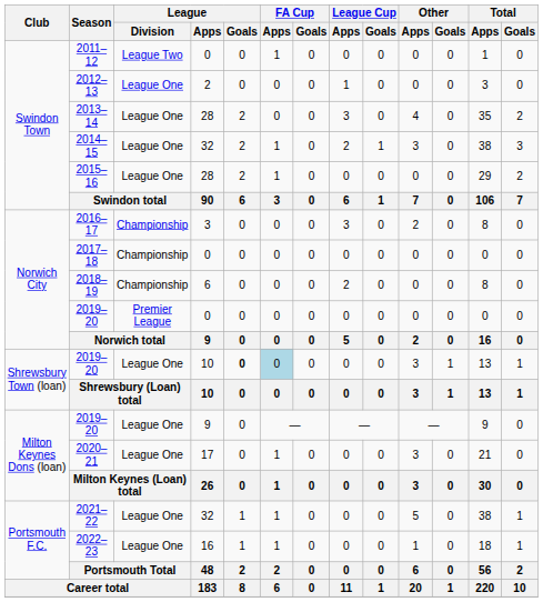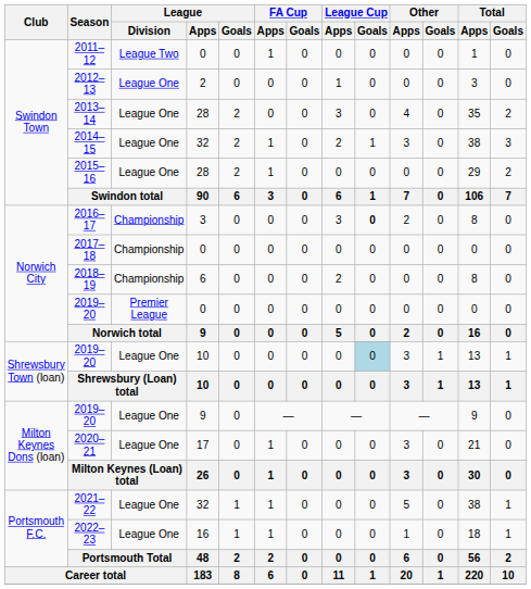 <table class="wikitable" style="text-align:center;">
 <tr>
 <th rowspan="2">Club</th>
 <th rowspan="2">Season</th>
 <th colspan="3">League</th>
 <th colspan="2"><a href='#'>FA Cup</a></th>
 <th colspan="2"><a href='#'>League Cup</a></th>
 <th colspan="2">Other</th>
 <th colspan="2">Total</th>
 </tr>
 <tr>
 <th>Division</th>
 <th>Apps</th>
 <th>Goals</th>
 <th>Apps</th>
 <th>Goals</th>
 <th>Apps</th>
 <th>Goals</th>
 <th>Apps</th>
 <th>Goals</th>
 <th>Apps</th>
 <th>Goals</th>
 </tr>
 <tr>
 <td rowspan="6"><a href='#'>Swindon Town</a></td>
 <td><a href='#'>2011–12</a></td>
 <td><a href='#'>League Two</a></td>
 <td>0</td>
 <td>0</td>
 <td>1</td>
 <td>0</td>
 <td>0</td>
 <td>0</td>
 <td>0</td>
 <td>0</td>
 <td>1</td>
 <td>0</td>
 </tr>
 <tr>
 <td><a href='#'>2012–13</a></td>
 <td><a href='#'>League One</a></td>
 <td>2</td>
 <td>0</td>
 <td>0</td>
 <td>0</td>
 <td>1</td>
 <td>0</td>
 <td>0</td>
 <td>0</td>
 <td>3</td>
 <td>0</td>
 </tr>
 <tr>
 <td><a href='#'>2013–14</a></td>
 <td>League One</td>
 <td>28</td>
 <td>2</td>
 <td>0</td>
 <td>0</td>
 <td>3</td>
 <td>0</td>
 <td>4</td>
 <td>0</td>
 <td>35</td>
 <td>2</td>
 </tr>
 <tr>
 <td><a href='#'>2014–15</a></td>
 <td>League One</td>
 <td>32</td>
 <td>2</td>
 <td>1</td>
 <td>0</td>
 <td>2</td>
 <td>1</td>
 <td>3</td>
 <td>0</td>
 <td>38</td>
 <td>3</td>
 </tr>
 <tr>
 <td><a href='#'>2015–16</a></td>
 <td>League One</td>
 <td>28</td>
 <td>2</td>
 <td>1</td>
 <td>0</td>
 <td>0</td>
 <td>0</td>
 <td>0</td>
 <td>0</td>
 <td>29</td>
 <td>2</td>
 </tr>
 <tr>
 <th colspan="2">Swindon total</th>
 <th>90</th>
 <th>6</th>
 <th>3</th>
 <th>0</th>
 <th>6</th>
 <th>1</th>
 <th>7</th>
 <th>0</th>
 <th>106</th>
 <th>7</th>
 </tr>
 <tr>
 <td rowspan="5"><a href='#'>Norwich City</a></td>
 <td><a href='#'>2016–17</a></td>
 <td><a href='#'>Championship</a></td>
 <td>3</td>
 <td>0</td>
 <td>0</td>
 <td>0</td>
 <td>3</td>
-<td>0</td>
+<td><strong>0</strong></td>
 <td>2</td>
 <td>0</td>
 <td>8</td>
 <td>0</td>
 </tr>
 <tr>
 <td><a href='#'>2017–18</a></td>
 <td>Championship</td>
 <td>0</td>
 <td>0</td>
 <td>0</td>
 <td>0</td>
 <td>0</td>
 <td>0</td>
 <td>0</td>
 <td>0</td>
 <td>0</td>
 <td>0</td>
 </tr>
 <tr>
 <td><a href='#'>2018–19</a></td>
 <td>Championship</td>
 <td>6</td>
 <td>0</td>
 <td>0</td>
 <td>0</td>
 <td>2</td>
 <td>0</td>
 <td>0</td>
 <td>0</td>
 <td>8</td>
 <td>0</td>
 </tr>
 <tr>
 <td><a href='#'>2019–20</a></td>
 <td><a href='#'>Premier League</a></td>
 <td>0</td>
 <td>0</td>
 <td>0</td>
 <td>0</td>
 <td>0</td>
 <td>0</td>
 <td>0</td>
 <td>0</td>
 <td>0</td>
 <td>0</td>
 </tr>
 <tr>
 <th colspan="2">Norwich total</th>
 <th>9</th>
 <th>0</th>
 <th>0</th>
 <th>0</th>
 <th>5</th>
 <th>0</th>
 <th>2</th>
 <th>0</th>
 <th>16</th>
 <th>0</th>
 </tr>
 <tr>
 <td rowspan="2"><a href='#'>Shrewsbury Town</a> (loan)</td>
 <td><a href='#'>2019–20</a></td>
 <td>League One</td>
 <td>10</td>
-<td><strong>0</strong></td>
-<td style="background: lightblue;">0</td>
 <td>0</td>
 <td>0</td>
 <td>0</td>
+<td>0</td>
+<td style="background: lightblue;">0</td>
 <td>3</td>
 <td>1</td>
 <td>13</td>
 <td>1</td>
 </tr>
 <tr>
 <th colspan="2">Shrewsbury (Loan) total</th>
 <th>10</th>
 <th>0</th>
 <th>0</th>
 <th>0</th>
 <th>0</th>
 <th>0</th>
 <th>3</th>
 <th>1</th>
 <th>13</th>
 <th>1</th>
 </tr>
 <tr>
 <td rowspan="3"><a href='#'>Milton Keynes Dons</a> (loan)</td>
 <td><a href='#'>2019–20</a></td>
 <td>League One</td>
 <td>9</td>
 <td>0</td>
 <td colspan="2">—</td>
 <td colspan="2">—</td>
 <td colspan="2">—</td>
 <td>9</td>
 <td>0</td>
 </tr>
 <tr>
 <td><a href='#'>2020–21</a></td>
 <td>League One</td>
 <td>17</td>
 <td>0</td>
 <td>1</td>
 <td>0</td>
 <td>0</td>
 <td>0</td>
 <td>3</td>
 <td>0</td>
 <td>21</td>
 <td>0</td>
 </tr>
 <tr>
 <th colspan="2">Milton Keynes (Loan) total</th>
 <th>26</th>
 <th>0</th>
 <th>1</th>
 <th>0</th>
 <th>0</th>
 <th>0</th>
 <th>3</th>
 <th>0</th>
 <th>30</th>
 <th>0</th>
 </tr>
 <tr>
 <td rowspan="3"><a href='#'>Portsmouth F.C.</a></td>
 <td><a href='#'>2021–22</a></td>
 <td>League One</td>
 <td>32</td>
 <td>1</td>
 <td>1</td>
 <td>0</td>
 <td>0</td>
 <td>0</td>
 <td>5</td>
 <td>0</td>
 <td>38</td>
 <td>1</td>
 </tr>
 <tr>
 <td><a href='#'>2022–23</a></td>
 <td>League One</td>
 <td>16</td>
 <td>1</td>
 <td>1</td>
 <td>0</td>
 <td>0</td>
 <td>0</td>
 <td>1</td>
 <td>0</td>
 <td>18</td>
 <td>1</td>
 </tr>
 <tr>
 <th colspan="2">Portsmouth Total</th>
 <th>48</th>
 <th>2</th>
 <th>2</th>
 <th>0</th>
 <th>0</th>
 <th>0</th>
 <th>6</th>
 <th>0</th>
 <th>56</th>
 <th>2</th>
 </tr>
 <tr>
 <th colspan="3">Career total</th>
 <th>183</th>
 <th>8</th>
 <th>6</th>
 <th>0</th>
 <th>11</th>
 <th>1</th>
 <th>20</th>
 <th>1</th>
 <th>220</th>
 <th>10</th>
 </tr>
 <tr>
 </tr>
 </table>
